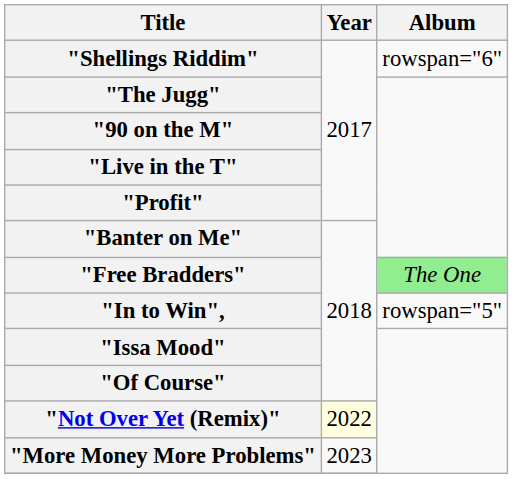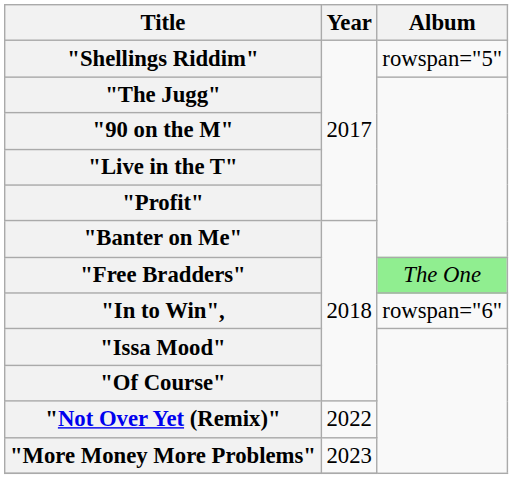 <table class="wikitable plainrowheaders" style="text-align:center;">
 <tr>
 <th scope="col">Title</th>
 <th scope="col">Year</th>
 <th scope="col">Album</th>
 </tr>
 <tr>
 <th scope="row">"Shellings Riddim"<br></th>
 <td rowspan="5">2017</td>
-<td>rowspan="6" </td>
+<td>rowspan="5" </td>
 </tr>
 <tr>
 <th scope="row">"The Jugg"<br></th>
 </tr>
 <tr>
 <th scope="row">"90 on the M"<br></th>
 </tr>
 <tr>
 <th scope="row">"Live in the T"</th>
 </tr>
 <tr>
 <th scope="row">"Profit"<br></th>
 </tr>
 <tr>
 <th scope="row">"Banter on Me"</th>
 <td rowspan="5">2018</td>
 </tr>
 <tr>
 <th scope="row">"Free Bradders"<br></th>
 <td style="background: lightgreen;"><em>The One</em></td>
 </tr>
 <tr>
 <th scope="row">"In to Win",</th>
-<td>rowspan="5" </td>
+<td>rowspan="6" </td>
 </tr>
 <tr>
 <th scope="row">"Issa Mood"<br></th>
 </tr>
 <tr>
 <th scope="row">"Of Course"</th>
 </tr>
 <tr>
 <th scope="row">"<a href='#'>Not Over Yet</a> (Remix)" <br></th>
-<td style="background: lightyellow;">2022</td>
+<td>2022</td>
 </tr>
 <tr>
 <th scope="row">"More Money More Problems"</th>
 <td>2023</td>
 </tr>
 <tr>
 </tr>
 </table>
